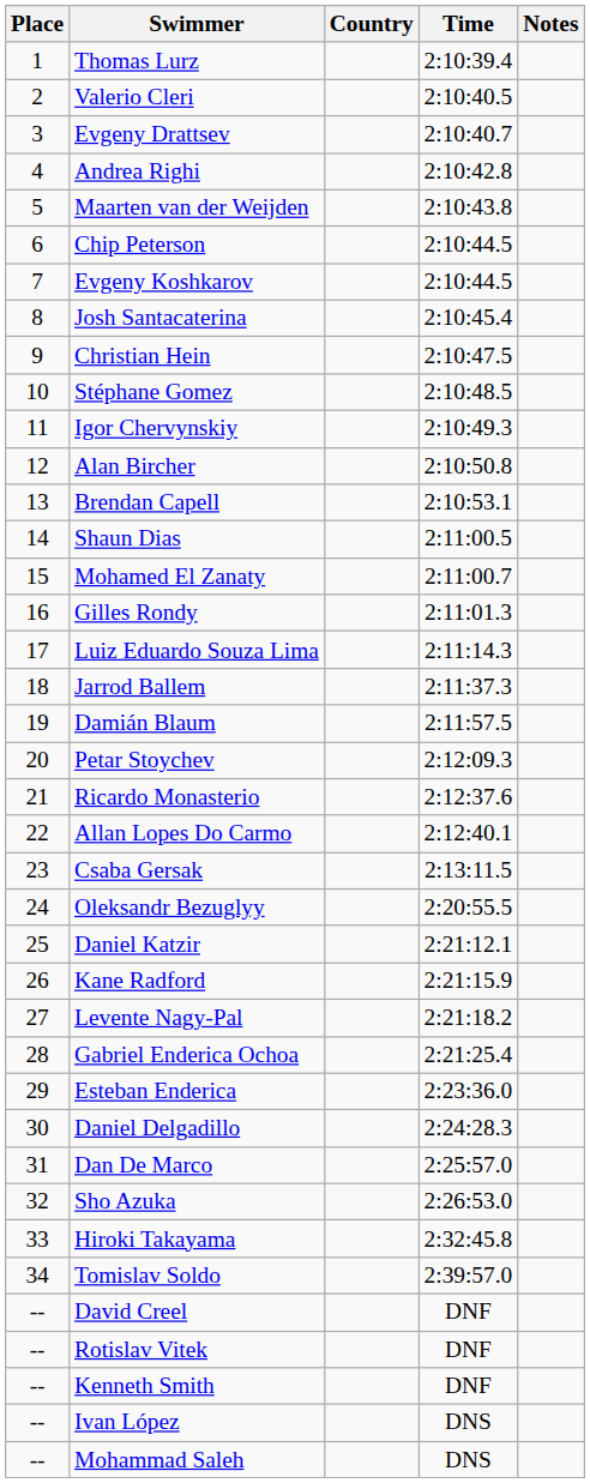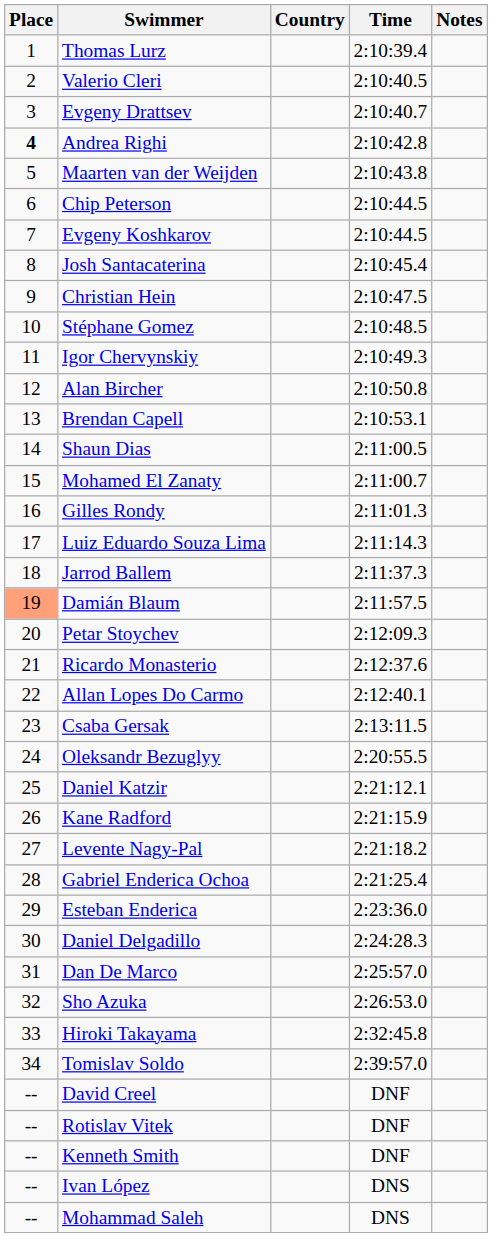 <table class="wikitable" style="text-align:center">
 <tr>
 <th>Place</th>
 <th>Swimmer</th>
 <th>Country</th>
 <th>Time</th>
 <th>Notes</th>
 </tr>
 <tr>
 <td>1</td>
 <td align=left><a href='#'>Thomas Lurz</a></td>
 <td align=left></td>
 <td>2:10:39.4</td>
 <td></td>
 </tr>
 <tr>
 <td>2</td>
 <td align=left><a href='#'>Valerio Cleri</a></td>
 <td align=left></td>
 <td>2:10:40.5</td>
 <td></td>
 </tr>
 <tr>
 <td>3</td>
 <td align=left><a href='#'>Evgeny Drattsev</a></td>
 <td align=left></td>
 <td>2:10:40.7</td>
 <td></td>
 </tr>
 <tr>
-<td>4</td>
+<td><strong>4</strong></td>
 <td align=left><a href='#'>Andrea Righi</a></td>
 <td align=left></td>
 <td>2:10:42.8</td>
 <td></td>
 </tr>
 <tr>
 <td>5</td>
 <td align=left><a href='#'>Maarten van der Weijden</a></td>
 <td align=left></td>
 <td>2:10:43.8</td>
 <td></td>
 </tr>
 <tr>
 <td>6</td>
 <td align=left><a href='#'>Chip Peterson</a></td>
 <td align=left></td>
 <td>2:10:44.5</td>
 <td></td>
 </tr>
 <tr>
 <td>7</td>
 <td align=left><a href='#'>Evgeny Koshkarov</a></td>
 <td align=left></td>
 <td>2:10:44.5</td>
 <td></td>
 </tr>
 <tr>
 <td>8</td>
 <td align=left><a href='#'>Josh Santacaterina</a></td>
 <td align=left></td>
 <td>2:10:45.4</td>
 <td></td>
 </tr>
 <tr>
 <td>9</td>
 <td align=left><a href='#'>Christian Hein</a></td>
 <td align=left></td>
 <td>2:10:47.5</td>
 <td></td>
 </tr>
 <tr>
 <td>10</td>
 <td align=left><a href='#'>Stéphane Gomez</a></td>
 <td align=left></td>
 <td>2:10:48.5</td>
 <td></td>
 </tr>
 <tr>
 <td>11</td>
 <td align=left><a href='#'>Igor Chervynskiy</a></td>
 <td align=left></td>
 <td>2:10:49.3</td>
 <td></td>
 </tr>
 <tr>
 <td>12</td>
 <td align=left><a href='#'>Alan Bircher</a></td>
 <td align=left></td>
 <td>2:10:50.8</td>
 <td></td>
 </tr>
 <tr>
 <td>13</td>
 <td align=left><a href='#'>Brendan Capell</a></td>
 <td align=left></td>
 <td>2:10:53.1</td>
 <td></td>
 </tr>
 <tr>
 <td>14</td>
 <td align=left><a href='#'>Shaun Dias</a></td>
 <td align=left></td>
 <td>2:11:00.5</td>
 <td></td>
 </tr>
 <tr>
 <td>15</td>
 <td align=left><a href='#'>Mohamed El Zanaty</a></td>
 <td align=left></td>
 <td>2:11:00.7</td>
 <td></td>
 </tr>
 <tr>
 <td>16</td>
 <td align=left><a href='#'>Gilles Rondy</a></td>
 <td align=left></td>
 <td>2:11:01.3</td>
 <td></td>
 </tr>
 <tr>
 <td>17</td>
 <td align=left><a href='#'>Luiz Eduardo Souza Lima</a></td>
 <td align=left></td>
 <td>2:11:14.3</td>
 <td></td>
 </tr>
 <tr>
 <td>18</td>
 <td align=left><a href='#'>Jarrod Ballem</a></td>
 <td align=left></td>
 <td>2:11:37.3</td>
 <td></td>
 </tr>
 <tr>
-<td>19</td>
+<td style="background: lightsalmon;">19</td>
 <td align=left><a href='#'>Damián Blaum</a></td>
 <td align=left></td>
 <td>2:11:57.5</td>
 <td></td>
 </tr>
 <tr>
 <td>20</td>
 <td align=left><a href='#'>Petar Stoychev</a></td>
 <td align=left></td>
 <td>2:12:09.3</td>
 <td></td>
 </tr>
 <tr>
 <td>21</td>
 <td align=left><a href='#'>Ricardo Monasterio</a></td>
 <td align=left></td>
 <td>2:12:37.6</td>
 <td></td>
 </tr>
 <tr>
 <td>22</td>
 <td align=left><a href='#'>Allan Lopes Do Carmo</a></td>
 <td align=left></td>
 <td>2:12:40.1</td>
 <td></td>
 </tr>
 <tr>
 <td>23</td>
 <td align=left><a href='#'>Csaba Gersak</a></td>
 <td align=left></td>
 <td>2:13:11.5</td>
 <td></td>
 </tr>
 <tr>
 <td>24</td>
 <td align=left><a href='#'>Oleksandr Bezuglyy</a></td>
 <td align=left></td>
 <td>2:20:55.5</td>
 <td></td>
 </tr>
 <tr>
 <td>25</td>
 <td align=left><a href='#'>Daniel Katzir</a></td>
 <td align=left></td>
 <td>2:21:12.1</td>
 <td></td>
 </tr>
 <tr>
 <td>26</td>
 <td align=left><a href='#'>Kane Radford</a></td>
 <td align=left></td>
 <td>2:21:15.9</td>
 <td></td>
 </tr>
 <tr>
 <td>27</td>
 <td align=left><a href='#'>Levente Nagy-Pal</a></td>
 <td align=left></td>
 <td>2:21:18.2</td>
 <td></td>
 </tr>
 <tr>
 <td>28</td>
 <td align=left><a href='#'>Gabriel Enderica Ochoa</a></td>
 <td align=left></td>
 <td>2:21:25.4</td>
 <td></td>
 </tr>
 <tr>
 <td>29</td>
 <td align=left><a href='#'>Esteban Enderica</a></td>
 <td align=left></td>
 <td>2:23:36.0</td>
 <td></td>
 </tr>
 <tr>
 <td>30</td>
 <td align=left><a href='#'>Daniel Delgadillo</a></td>
 <td align=left></td>
 <td>2:24:28.3</td>
 <td></td>
 </tr>
 <tr>
 <td>31</td>
 <td align=left><a href='#'>Dan De Marco</a></td>
 <td align=left></td>
 <td>2:25:57.0</td>
 <td></td>
 </tr>
 <tr>
 <td>32</td>
 <td align=left><a href='#'>Sho Azuka</a></td>
 <td align=left></td>
 <td>2:26:53.0</td>
 <td></td>
 </tr>
 <tr>
 <td>33</td>
 <td align=left><a href='#'>Hiroki Takayama</a></td>
 <td align=left></td>
 <td>2:32:45.8</td>
 <td></td>
 </tr>
 <tr>
 <td>34</td>
 <td align=left><a href='#'>Tomislav Soldo</a></td>
 <td align=left></td>
 <td>2:39:57.0</td>
 <td></td>
 </tr>
 <tr>
 <td>--</td>
 <td align=left><a href='#'>David Creel</a></td>
 <td align=left></td>
 <td>DNF</td>
 <td></td>
 </tr>
 <tr>
 <td>--</td>
 <td align=left><a href='#'>Rotislav Vitek</a></td>
 <td align=left></td>
 <td>DNF</td>
 <td></td>
 </tr>
 <tr>
 <td>--</td>
 <td align=left><a href='#'>Kenneth Smith</a></td>
 <td align=left></td>
 <td>DNF</td>
 <td></td>
 </tr>
 <tr>
 <td>--</td>
 <td align=left><a href='#'>Ivan López</a></td>
 <td align=left></td>
 <td>DNS</td>
 <td></td>
 </tr>
 <tr>
 <td>--</td>
 <td align=left><a href='#'>Mohammad Saleh</a></td>
 <td align=left></td>
 <td>DNS</td>
 <td></td>
 </tr>
 <tr>
 </tr>
 </table>
